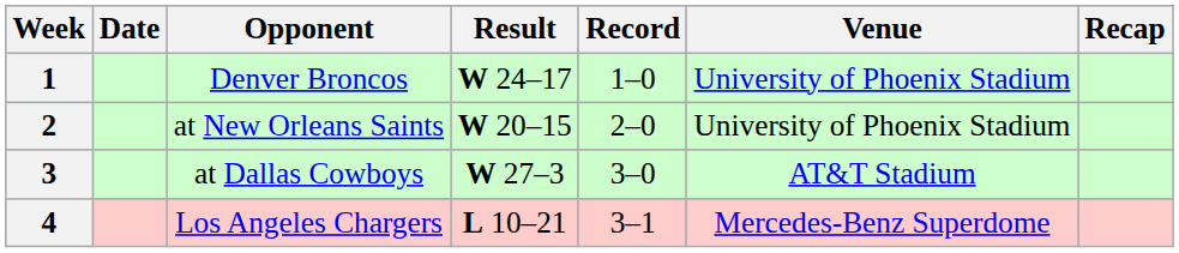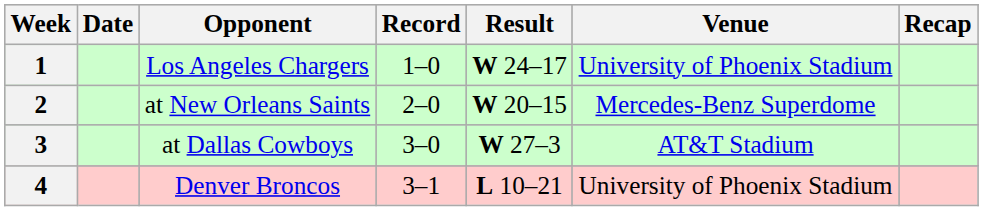 <table class="wikitable" style="text-align:center">
 <tr>
 <th>Week</th>
 <th>Date</th>
 <th>Opponent</th>
+<th>Record</th>
 <th>Result</th>
-<th>Record</th>
 <th>Venue</th>
 <th>Recap</th>
 </tr>
 <tr style="background:#cfc">
 <th>1</th>
 <td></td>
-<td><a href='#'>Denver Broncos</a></td>
+<td><a href='#'>Los Angeles Chargers</a></td>
+<td>1–0</td>
 <td><strong>W</strong> 24–17</td>
-<td>1–0</td>
 <td><a href='#'>University of Phoenix Stadium</a></td>
 <td></td>
 </tr>
 <tr style="background:#cfc">
 <th>2</th>
 <td></td>
 <td>at <a href='#'>New Orleans Saints</a></td>
+<td>2–0</td>
 <td><strong>W</strong> 20–15</td>
-<td>2–0</td>
-<td>University of Phoenix Stadium</td>
+<td><a href='#'>Mercedes-Benz Superdome</a></td>
 <td></td>
 </tr>
 <tr style="background:#cfc">
 <th>3</th>
 <td></td>
 <td>at <a href='#'>Dallas Cowboys</a></td>
+<td>3–0</td>
 <td><strong>W</strong> 27–3</td>
-<td>3–0</td>
 <td><a href='#'>AT&T Stadium</a></td>
 <td></td>
 </tr>
 <tr style="background:#fcc">
 <th>4</th>
 <td></td>
-<td><a href='#'>Los Angeles Chargers</a></td>
+<td><a href='#'>Denver Broncos</a></td>
+<td>3–1</td>
 <td><strong>L</strong> 10–21</td>
-<td>3–1</td>
-<td><a href='#'>Mercedes-Benz Superdome</a></td>
+<td>University of Phoenix Stadium</td>
 <td></td>
 </tr>
 </table>
